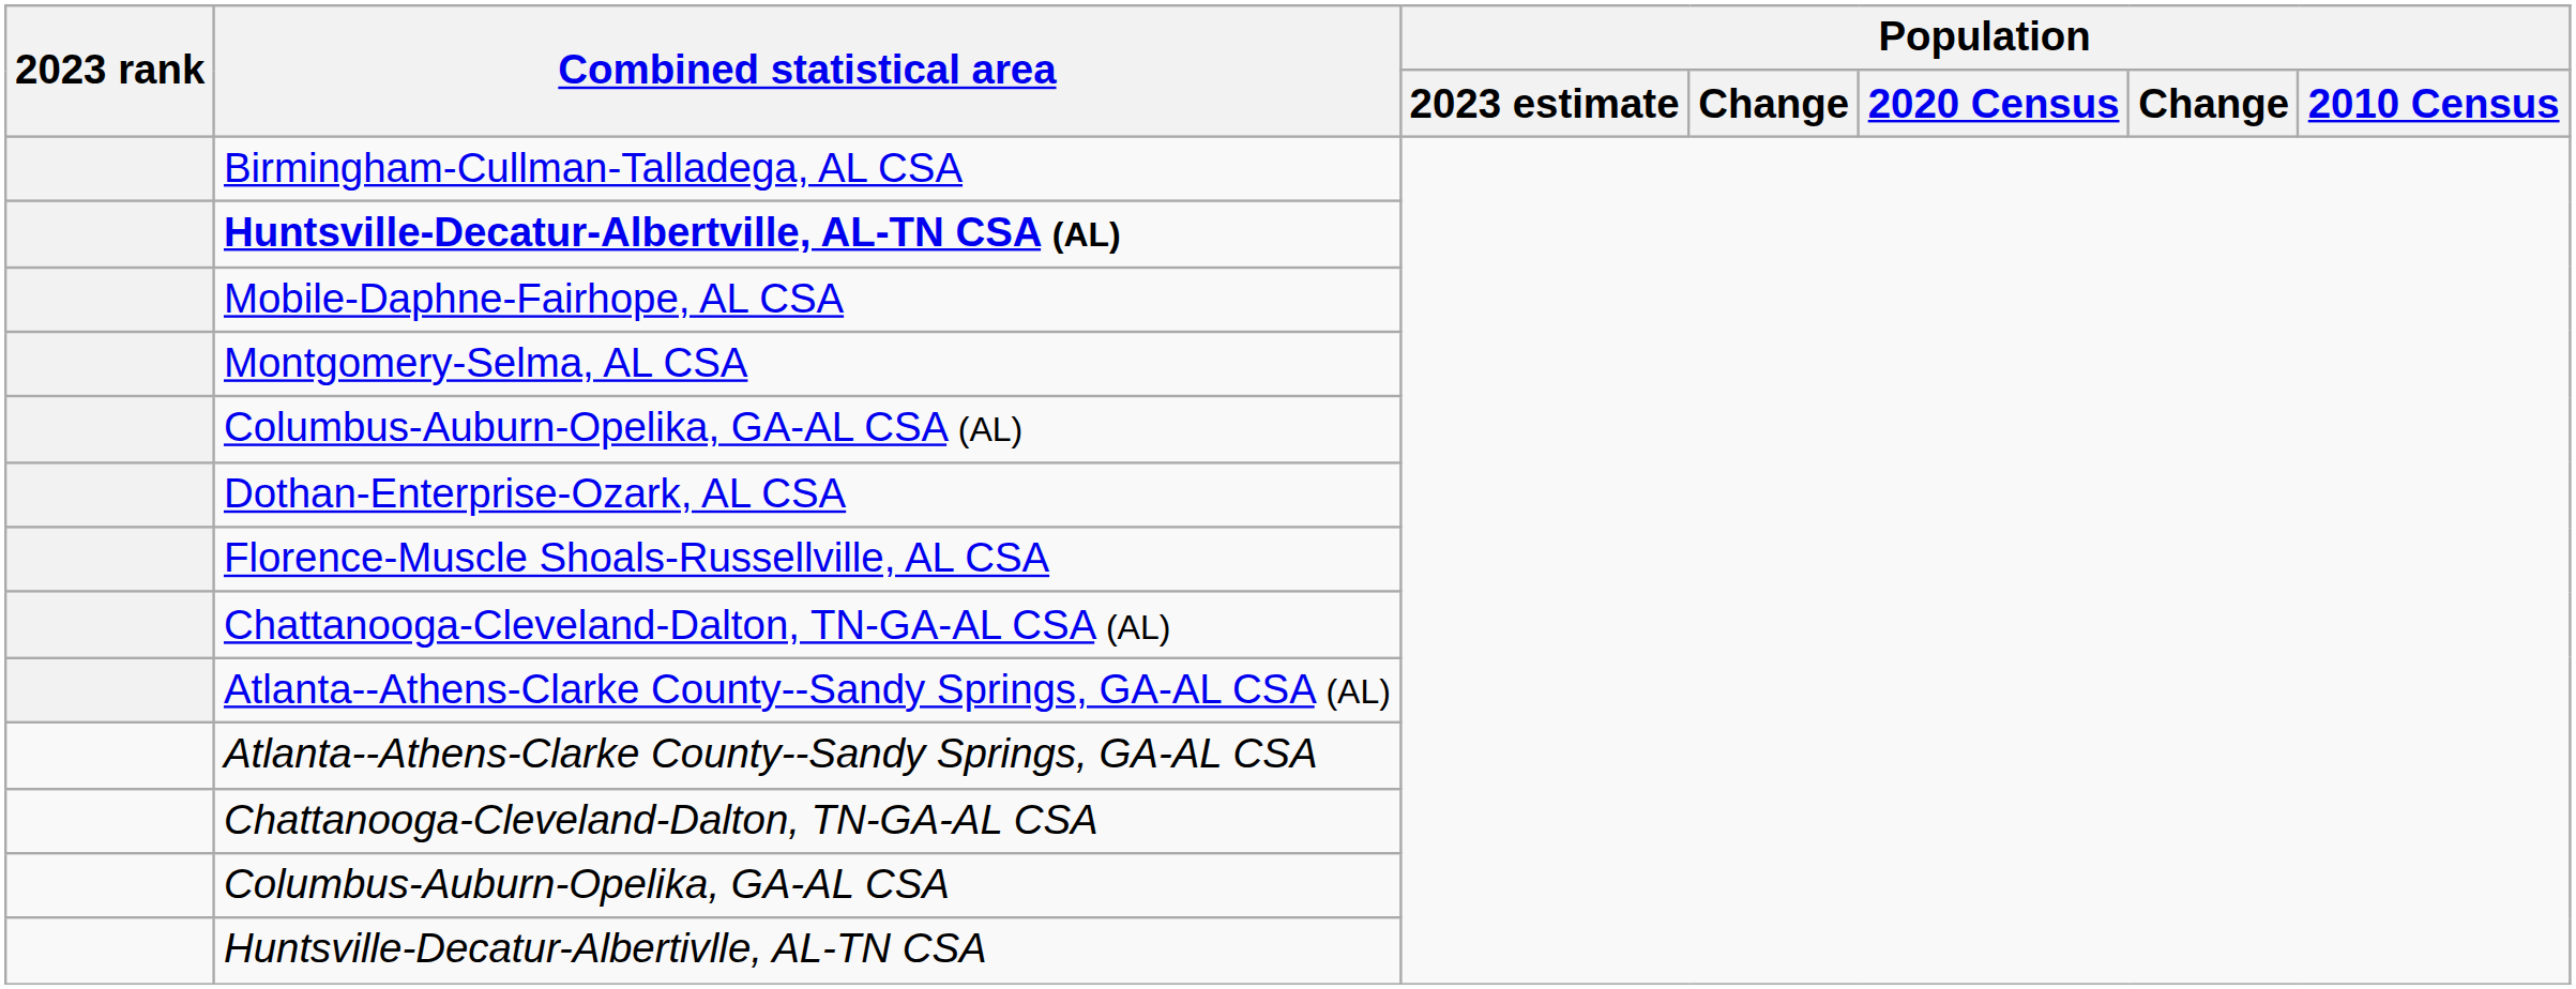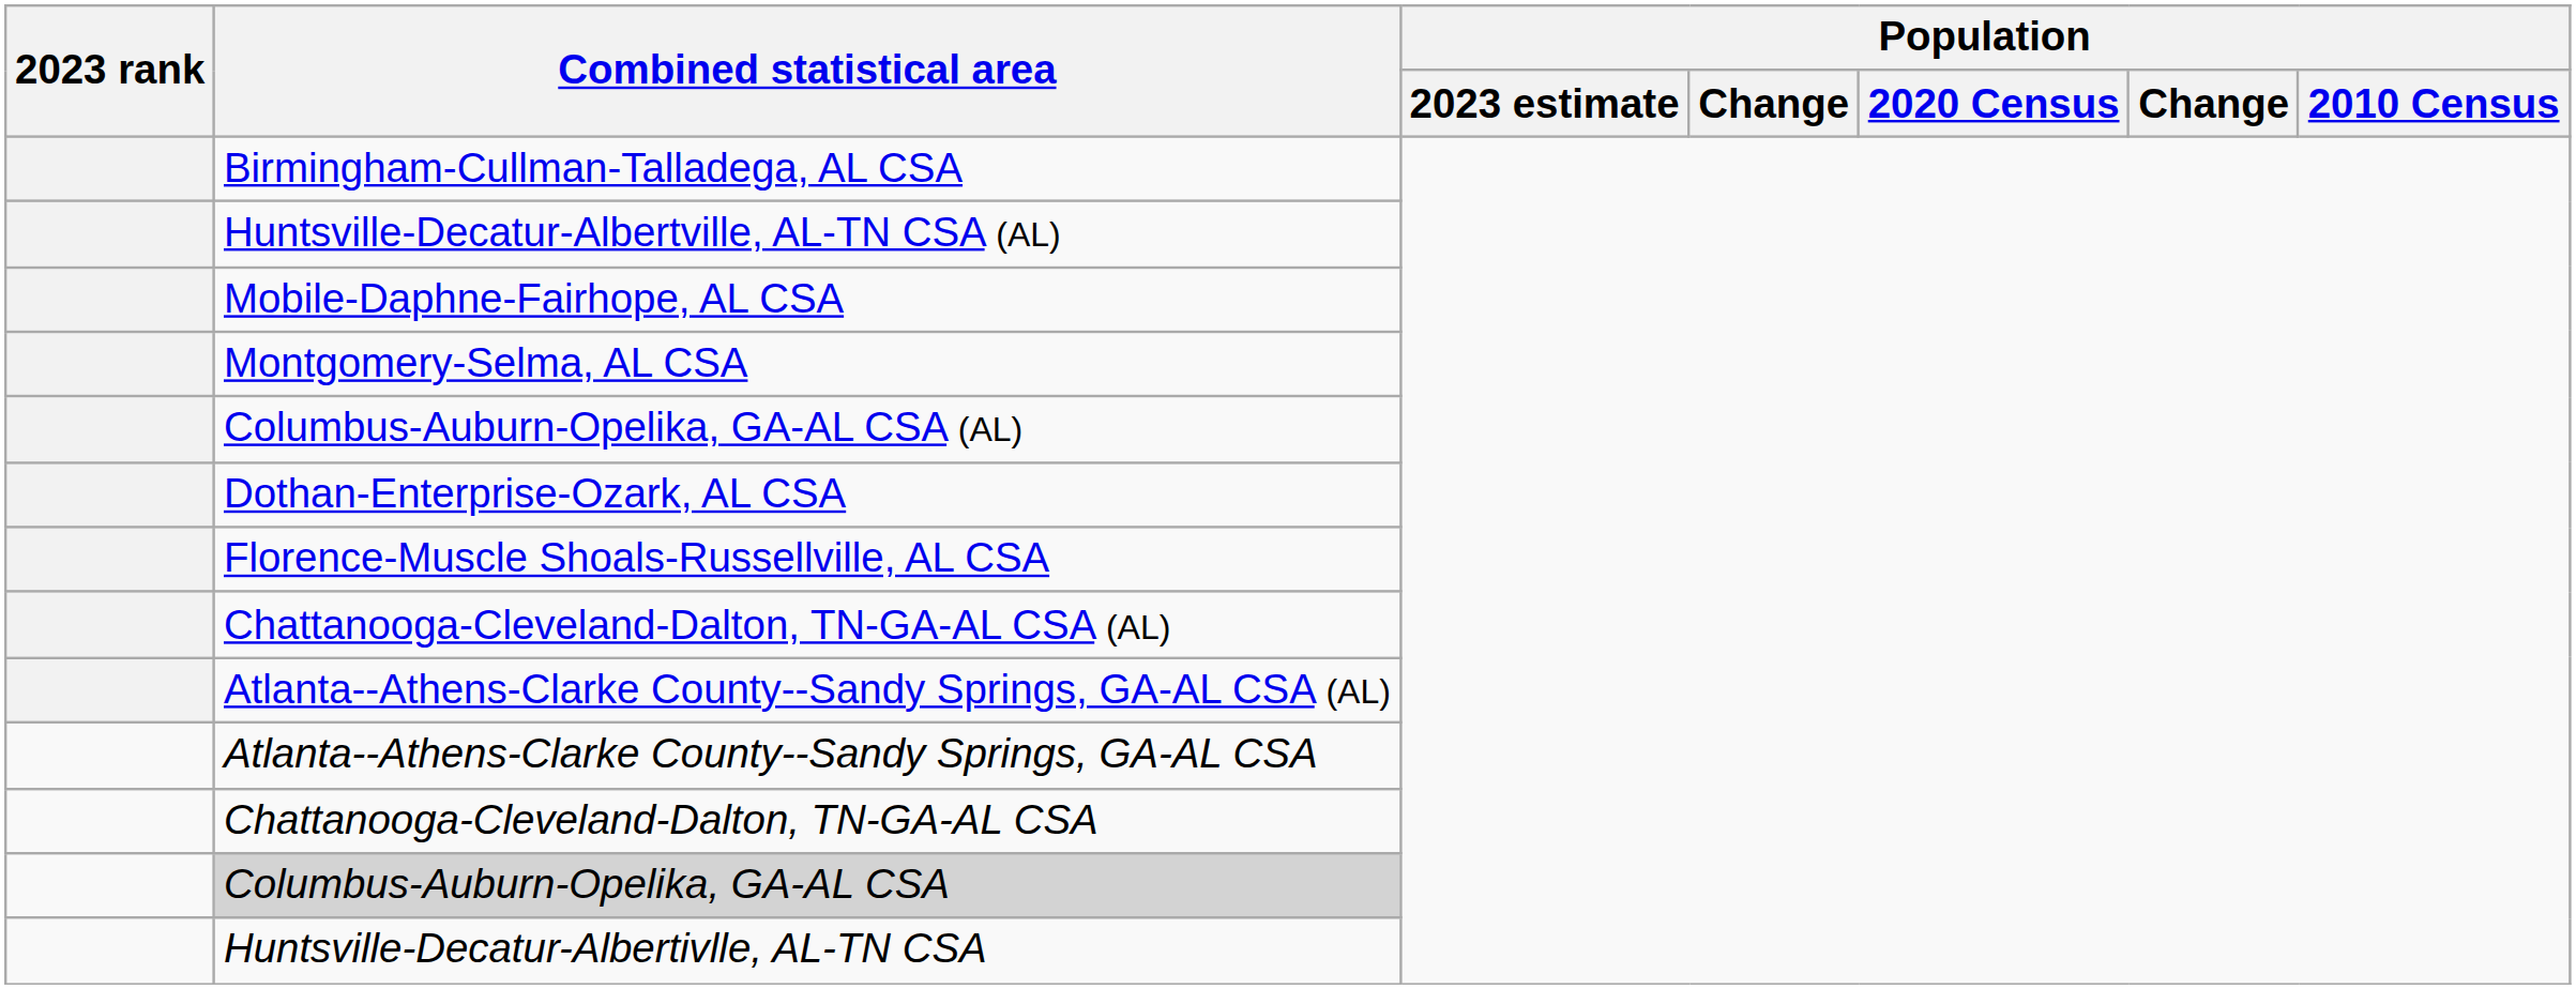 <table class="wikitable sortable">
 <tr>
 <th scope=col rowspan=2>2023 rank</th>
 <th scope=col rowspan=2><a href='#'>Combined statistical area</a></th>
 <th colspan=5>Population</th>
 </tr>
 <tr>
 <th scope=col>2023 estimate</th>
 <th scope=col>Change</th>
 <th scope=col><a href='#'>2020 Census</a></th>
 <th scope=col>Change</th>
 <th scope=col><a href='#'>2010 Census</a></th>
 </tr>
 <tr>
 <th scope=row></th>
 <td><a href='#'>Birmingham-Cullman-Talladega, AL CSA</a><br></td>
 </tr>
 <tr>
 <th scope=row></th>
-<td><strong><a href='#'>Huntsville-Decatur-Albertville, AL-TN CSA</a> <small>(AL)</small><br></strong></td>
+<td><a href='#'>Huntsville-Decatur-Albertville, AL-TN CSA</a> <small>(AL)</small><br></td>
 </tr>
 <tr>
 <th scope=row></th>
 <td><a href='#'>Mobile-Daphne-Fairhope, AL CSA</a><br></td>
 </tr>
 <tr>
 <th scope=row></th>
 <td><a href='#'>Montgomery-Selma, AL CSA</a><br></td>
 </tr>
 <tr>
 <th scope=row></th>
 <td><a href='#'>Columbus-Auburn-Opelika, GA-AL CSA</a> <small>(AL)</small><br></td>
 </tr>
 <tr>
 <th scope=row></th>
 <td><a href='#'>Dothan-Enterprise-Ozark, AL CSA</a><br></td>
 </tr>
 <tr>
 <th scope=row></th>
 <td><a href='#'>Florence-Muscle Shoals-Russellville, AL CSA</a><br></td>
 </tr>
 <tr>
 <th scope=row></th>
 <td><a href='#'>Chattanooga-Cleveland-Dalton, TN-GA-AL CSA</a> <small>(AL)</small><br></td>
 </tr>
 <tr>
 <th scope=row></th>
 <td><a href='#'>Atlanta--Athens-Clarke County--Sandy Springs, GA-AL CSA</a> <small>(AL)</small><br></td>
 </tr>
 <tr>
 <td></td>
 <td><em><span>Atlanta--Athens-Clarke County--Sandy Springs, GA-AL CSA</span></em><br></td>
 </tr>
 <tr>
 <td></td>
 <td><em><span>Chattanooga-Cleveland-Dalton, TN-GA-AL CSA</span></em><br></td>
 </tr>
 <tr>
 <td></td>
-<td><em><span>Columbus-Auburn-Opelika, GA-AL CSA</span></em><br></td>
+<td style="background: lightgrey;"><em><span>Columbus-Auburn-Opelika, GA-AL CSA</span></em><br></td>
 </tr>
 <tr>
 <td></td>
 <td><em><span>Huntsville-Decatur-Albertivlle, AL-TN CSA</span></em><br></td>
 </tr>
 </table>
